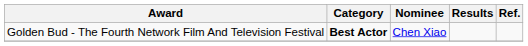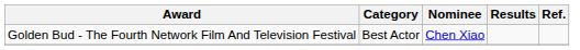 <table class="wikitable">
 <tr>
 <th>Award</th>
 <th>Category</th>
 <th>Nominee</th>
 <th>Results</th>
 <th>Ref.</th>
 </tr>
 <tr>
 <td>Golden Bud - The Fourth Network Film And Television Festival</td>
-<td><strong>Best Actor</strong></td>
+<td>Best Actor</td>
 <td><a href='#'>Chen Xiao</a></td>
 <td></td>
 <td></td>
 </tr>
 <tr>
 </tr>
 </table>
